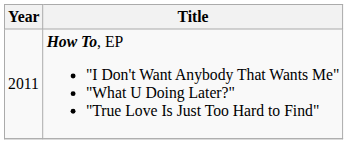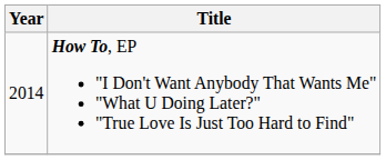 <table class="wikitable">
 <tr>
 <th>Year</th>
 <th>Title</th>
 </tr>
 <tr>
-<td>2011</td>
+<td>2014</td>
 <td><strong><em>How To</em></strong>, EP<br><ul><li>"I Don't Want Anybody That Wants Me"</li><li>"What U Doing Later?"</li><li>"True Love Is Just Too Hard to Find"</li></ul></td>
 </tr>
 <tr>
 </tr>
 </table>
